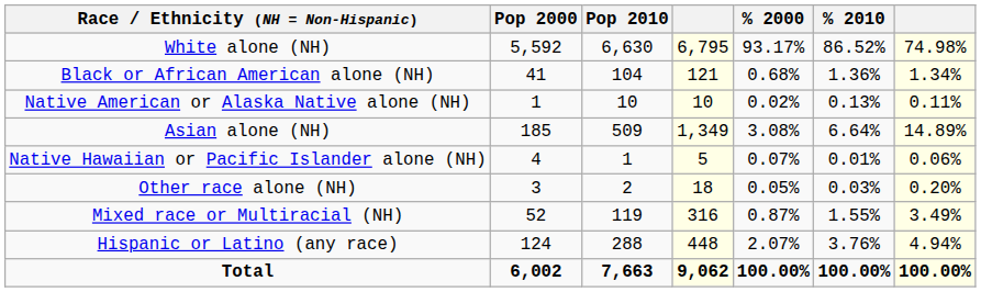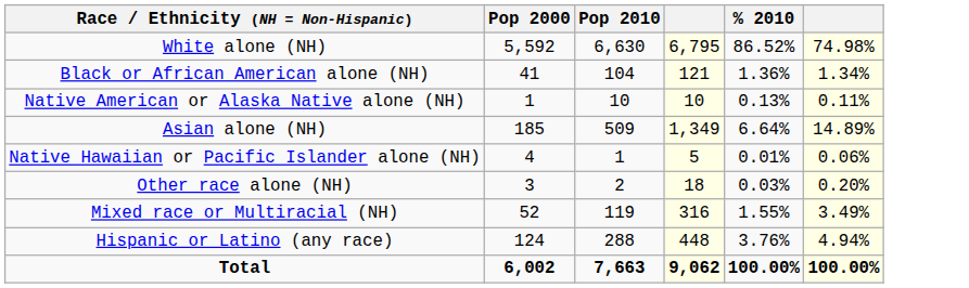 <table class="wikitable" style="text-align:center;">
 <tr>
 <th>Race / Ethnicity <small>(<em>NH = Non-Hispanic</em>)</small></th>
 <th>Pop 2000</th>
 <th>Pop 2010</th>
 <th></th>
-<th>% 2000</th>
 <th>% 2010</th>
 <th></th>
 </tr>
 <tr>
 <td><a href='#'>White</a> alone (NH)</td>
 <td>5,592</td>
 <td>6,630</td>
 <td style='background: #ffffe6;'>6,795</td>
-<td>93.17%</td>
 <td>86.52%</td>
 <td style='background: #ffffe6;'>74.98%</td>
 </tr>
 <tr>
 <td><a href='#'>Black or African American</a> alone (NH)</td>
 <td>41</td>
 <td>104</td>
 <td style='background: #ffffe6;'>121</td>
-<td>0.68%</td>
 <td>1.36%</td>
 <td style='background: #ffffe6;'>1.34%</td>
 </tr>
 <tr>
 <td><a href='#'>Native American</a> or <a href='#'>Alaska Native</a> alone (NH)</td>
 <td>1</td>
 <td>10</td>
 <td style='background: #ffffe6;'>10</td>
-<td>0.02%</td>
 <td>0.13%</td>
 <td style='background: #ffffe6;'>0.11%</td>
 </tr>
 <tr>
 <td><a href='#'>Asian</a> alone (NH)</td>
 <td>185</td>
 <td>509</td>
 <td style='background: #ffffe6;'>1,349</td>
-<td>3.08%</td>
 <td>6.64%</td>
 <td style='background: #ffffe6;'>14.89%</td>
 </tr>
 <tr>
 <td><a href='#'>Native Hawaiian</a> or <a href='#'>Pacific Islander</a> alone (NH)</td>
 <td>4</td>
 <td>1</td>
 <td style='background: #ffffe6;'>5</td>
-<td>0.07%</td>
 <td>0.01%</td>
 <td style='background: #ffffe6;'>0.06%</td>
 </tr>
 <tr>
 <td><a href='#'>Other race</a> alone (NH)</td>
 <td>3</td>
 <td>2</td>
 <td style='background: #ffffe6;'>18</td>
-<td>0.05%</td>
 <td>0.03%</td>
 <td style='background: #ffffe6;'>0.20%</td>
 </tr>
 <tr>
 <td><a href='#'>Mixed race or Multiracial</a> (NH)</td>
 <td>52</td>
 <td>119</td>
 <td style='background: #ffffe6;'>316</td>
-<td>0.87%</td>
 <td>1.55%</td>
 <td style='background: #ffffe6;'>3.49%</td>
 </tr>
 <tr>
 <td><a href='#'>Hispanic or Latino</a> (any race)</td>
 <td>124</td>
 <td>288</td>
 <td style='background: #ffffe6;'>448</td>
-<td>2.07%</td>
 <td>3.76%</td>
 <td style='background: #ffffe6;'>4.94%</td>
 </tr>
 <tr>
 <td><strong>Total</strong></td>
 <td><strong>6,002</strong></td>
 <td><strong>7,663</strong></td>
 <td style='background: #ffffe6;'><strong>9,062</strong></td>
 <td><strong>100.00%</strong></td>
-<td><strong>100.00%</strong></td>
 <td style='background: #ffffe6;'><strong>100.00%</strong></td>
 </tr>
 </table>
